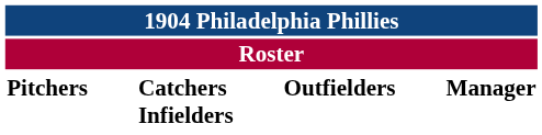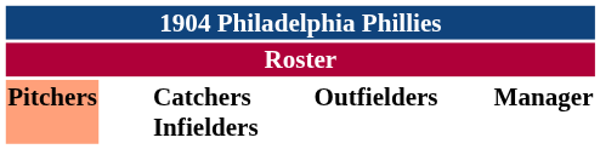 <table class="toccolours" style="font-size: 95%;">
 <tr>
 <th colspan="10" style="background-color: #0f437c; color: white; text-align: center;">1904 Philadelphia Phillies</th>
 </tr>
 <tr>
 <td colspan="10" style="background-color: #af0039; color: white; text-align: center;"><strong>Roster</strong></td>
 </tr>
 <tr>
-<td valign="top"><strong>Pitchers</strong><br>         </td>
+<td valign="top" style="background: lightsalmon;"><strong>Pitchers</strong><br>         </td>
 <td width="25px"></td>
 <td valign="top"><strong>Catchers</strong><br>    <strong>Infielders</strong>          </td>
 <td width="25px"></td>
 <td valign="top"><strong>Outfielders</strong><br>      </td>
 <td width="25px"></td>
 <td valign="top"><strong>Manager</strong><br></td>
 </tr>
 </table>
